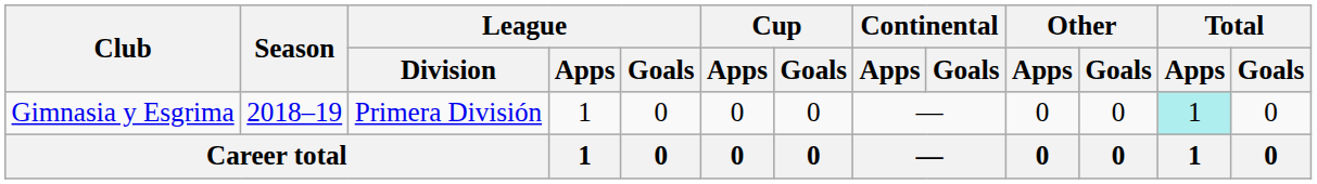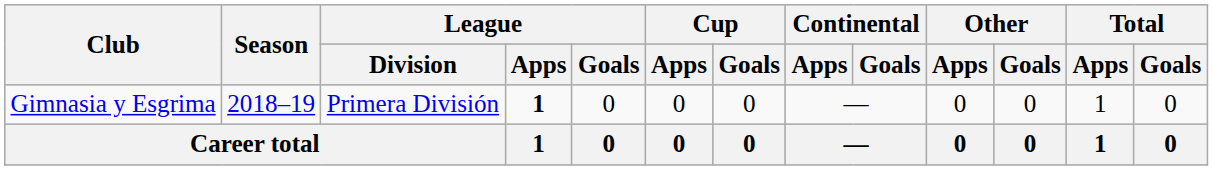 <table class="wikitable" style="text-align:center">
 <tr>
 <th rowspan="2">Club</th>
 <th rowspan="2">Season</th>
 <th colspan="3">League</th>
 <th colspan="2">Cup</th>
 <th colspan="2">Continental</th>
 <th colspan="2">Other</th>
 <th colspan="2">Total</th>
 </tr>
 <tr>
 <th>Division</th>
 <th>Apps</th>
 <th>Goals</th>
 <th>Apps</th>
 <th>Goals</th>
 <th>Apps</th>
 <th>Goals</th>
 <th>Apps</th>
 <th>Goals</th>
 <th>Apps</th>
 <th>Goals</th>
 </tr>
 <tr>
 <td rowspan="1"><a href='#'>Gimnasia y Esgrima</a></td>
 <td><a href='#'>2018–19</a></td>
 <td rowspan="1"><a href='#'>Primera División</a></td>
-<td>1</td>
+<td><strong>1</strong></td>
 <td>0</td>
 <td>0</td>
 <td>0</td>
 <td colspan="2">—</td>
 <td>0</td>
 <td>0</td>
-<td style="background: paleturquoise;">1</td>
+<td>1</td>
 <td>0</td>
 </tr>
 <tr>
 <th colspan="3">Career total</th>
 <th>1</th>
 <th>0</th>
 <th>0</th>
 <th>0</th>
 <th colspan="2">—</th>
 <th>0</th>
 <th>0</th>
 <th>1</th>
 <th>0</th>
 </tr>
 </table>
